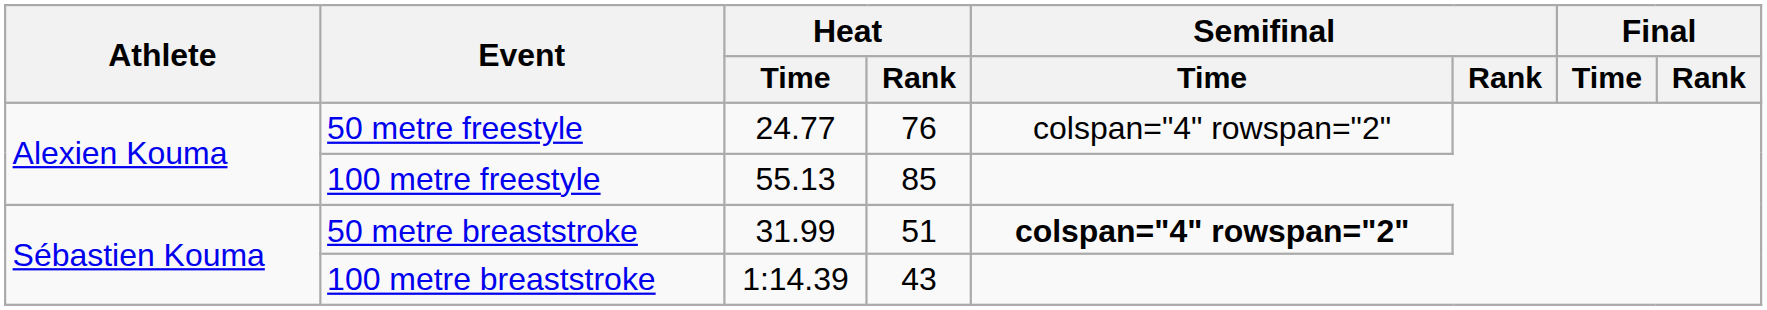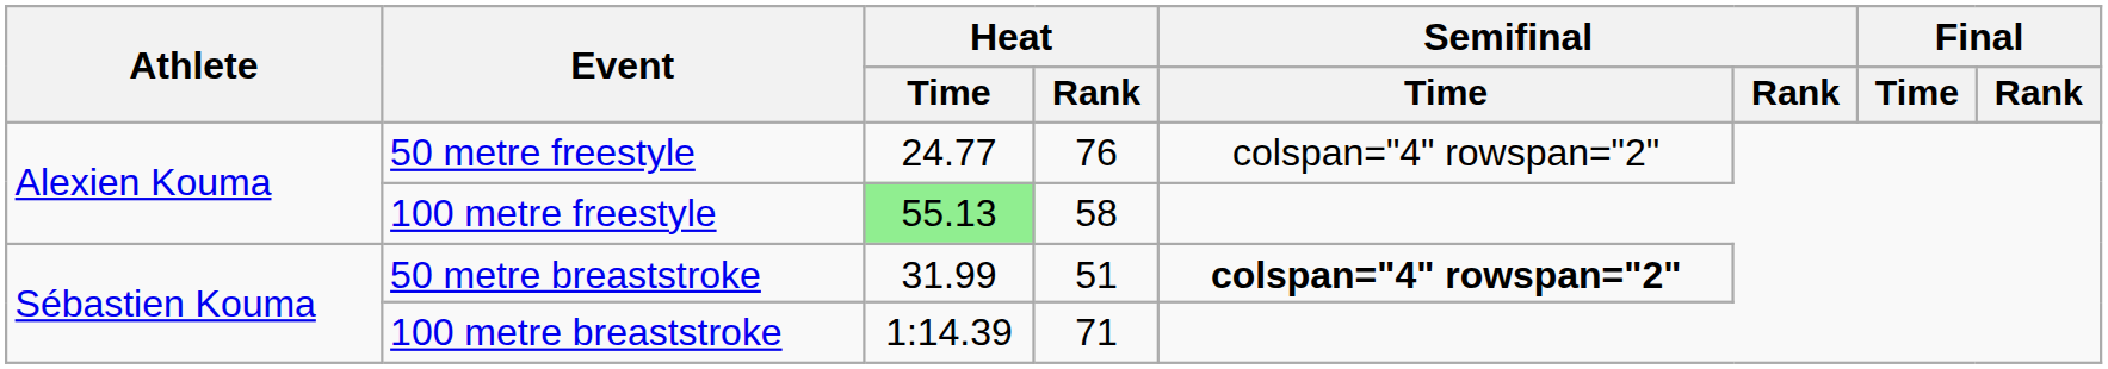 <table class="wikitable" style="text-align:center; font-size:90%; width:50%;">
 <tr>
 <th rowspan="2">Athlete</th>
 <th rowspan="2">Event</th>
 <th colspan="2">Heat</th>
 <th colspan="2">Semifinal</th>
 <th colspan="2">Final</th>
 </tr>
 <tr style="font-size:95%">
 <th>Time</th>
 <th>Rank</th>
 <th>Time</th>
 <th>Rank</th>
 <th>Time</th>
 <th>Rank</th>
 </tr>
 <tr align=center>
 <td align=left rowspan="2"><a href='#'>Alexien Kouma</a></td>
 <td align=left><a href='#'>50 metre freestyle</a></td>
 <td>24.77</td>
 <td>76</td>
 <td>colspan="4" rowspan="2"</td>
 </tr>
 <tr align=center>
 <td align=left><a href='#'>100 metre freestyle</a></td>
-<td>55.13</td>
-<td>85</td>
+<td style="background: lightgreen;">55.13</td>
+<td>58</td>
 </tr>
 <tr align=center>
 <td align=left rowspan="2"><a href='#'>Sébastien Kouma</a></td>
 <td align=left><a href='#'>50 metre breaststroke</a></td>
 <td>31.99</td>
 <td>51</td>
 <td><strong>colspan="4" rowspan="2"</strong></td>
 </tr>
 <tr align=center>
 <td align=left><a href='#'>100 metre breaststroke</a></td>
 <td>1:14.39</td>
-<td>43</td>
+<td>71</td>
 </tr>
 </table>
